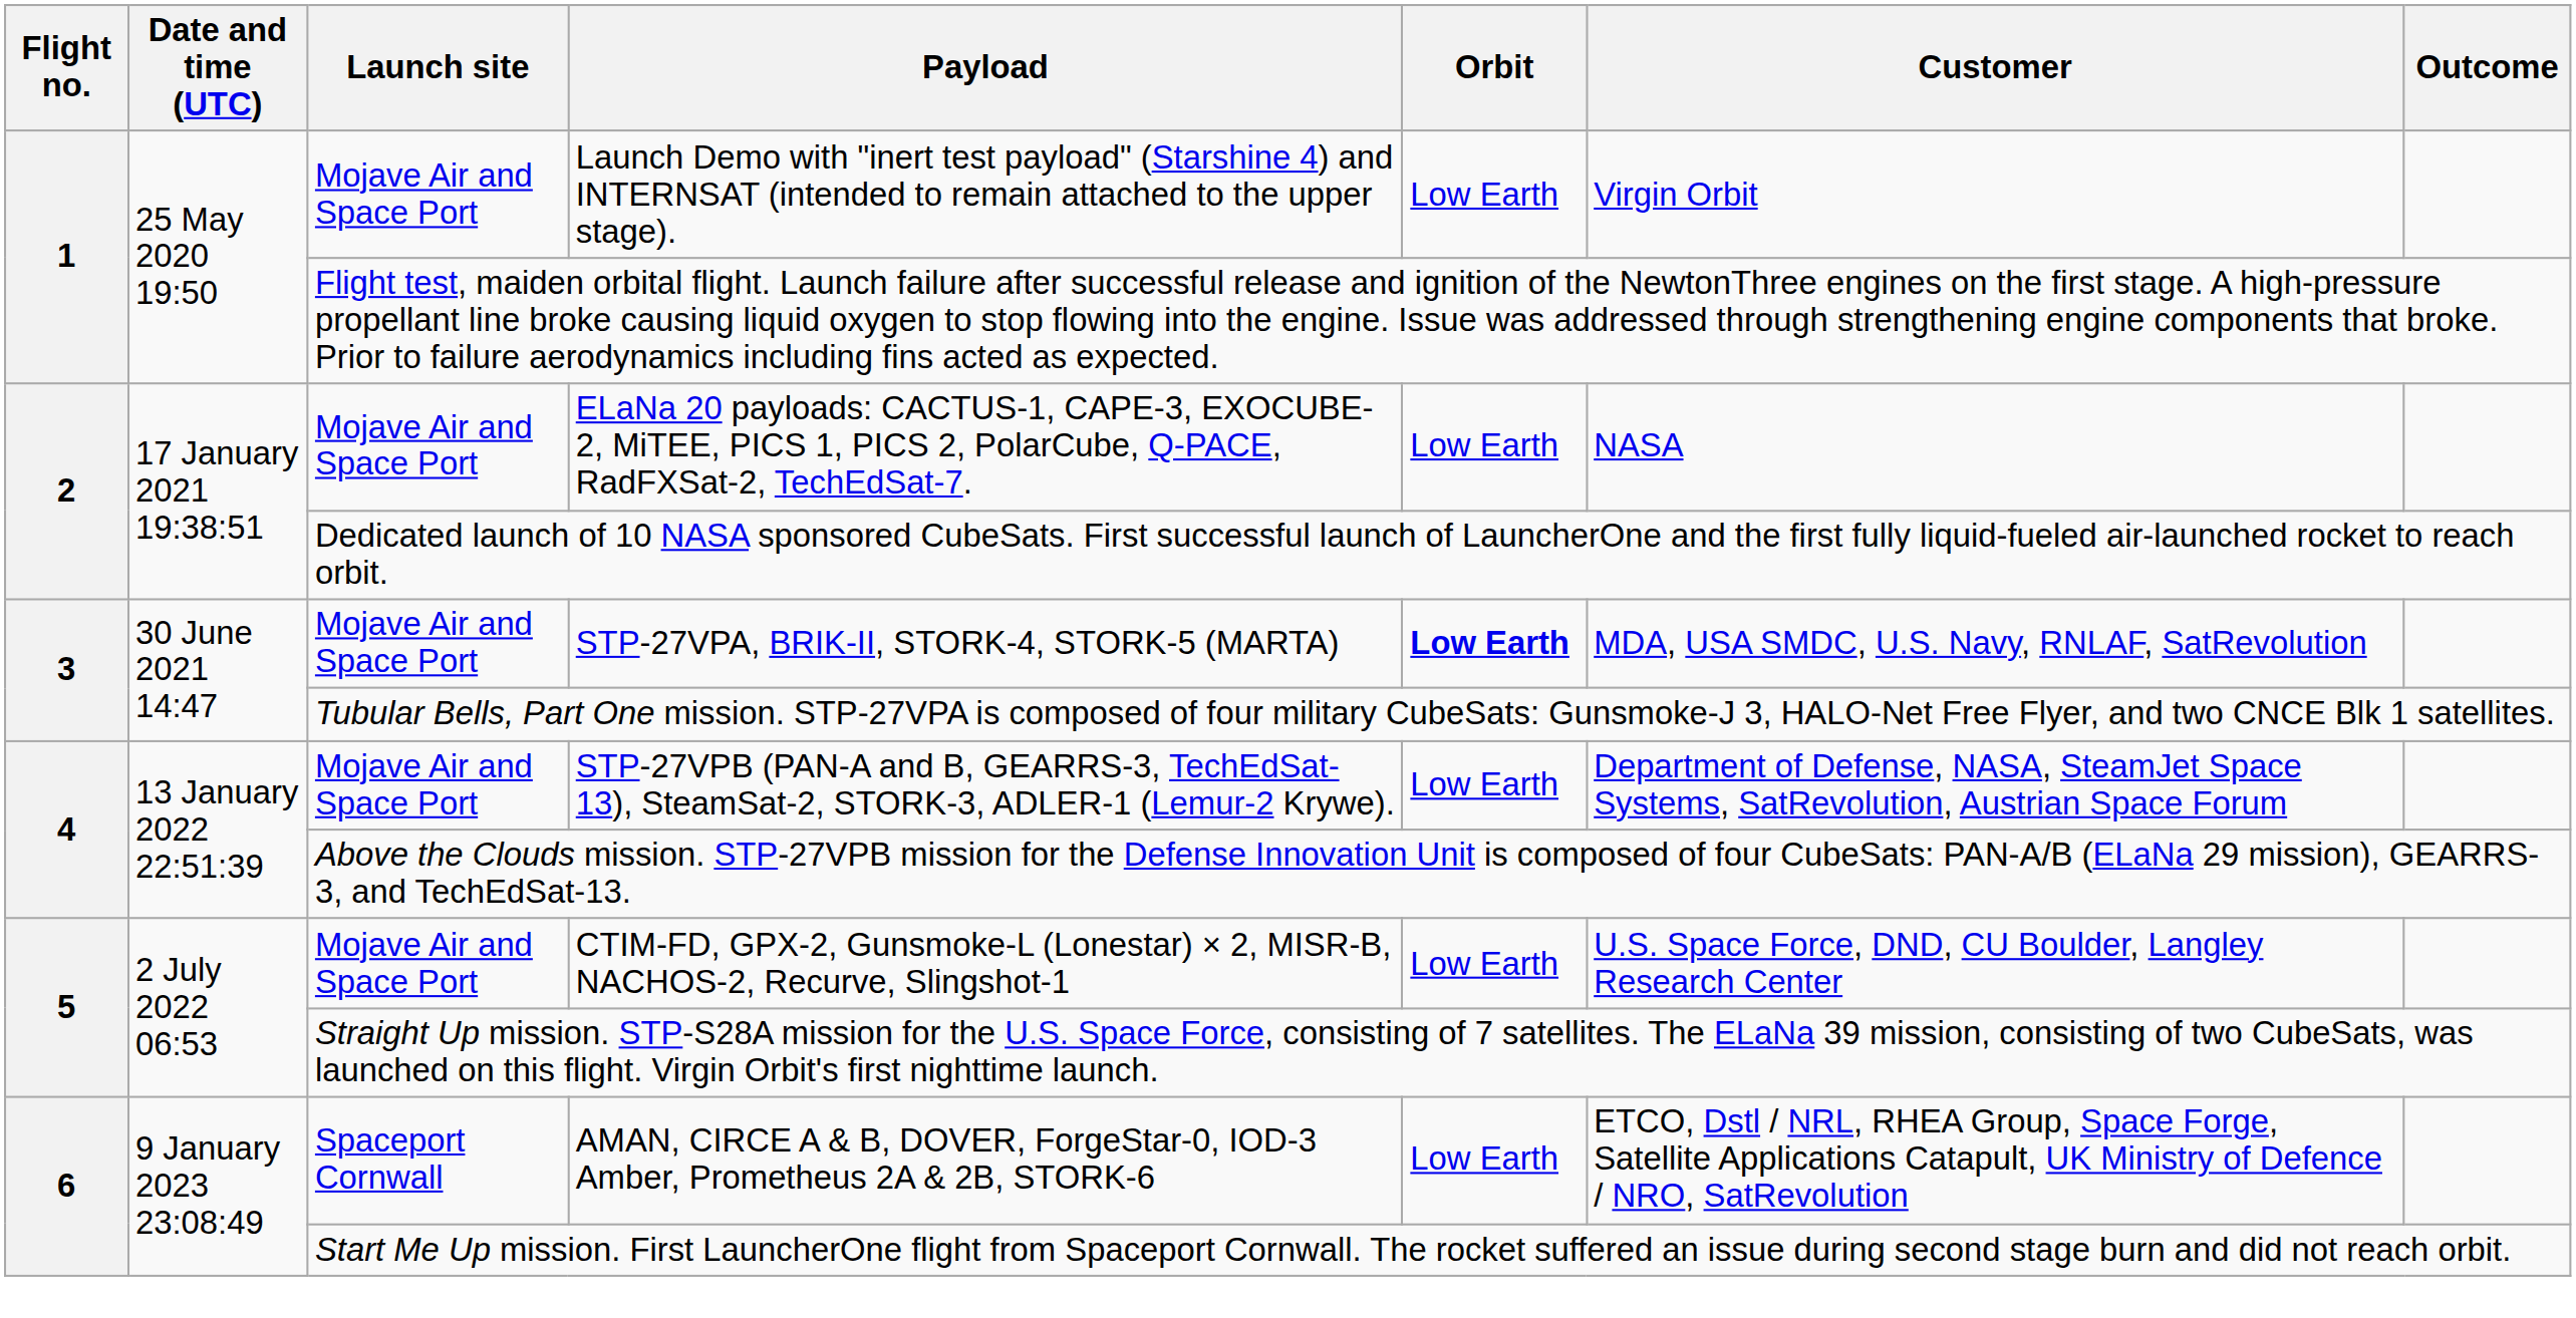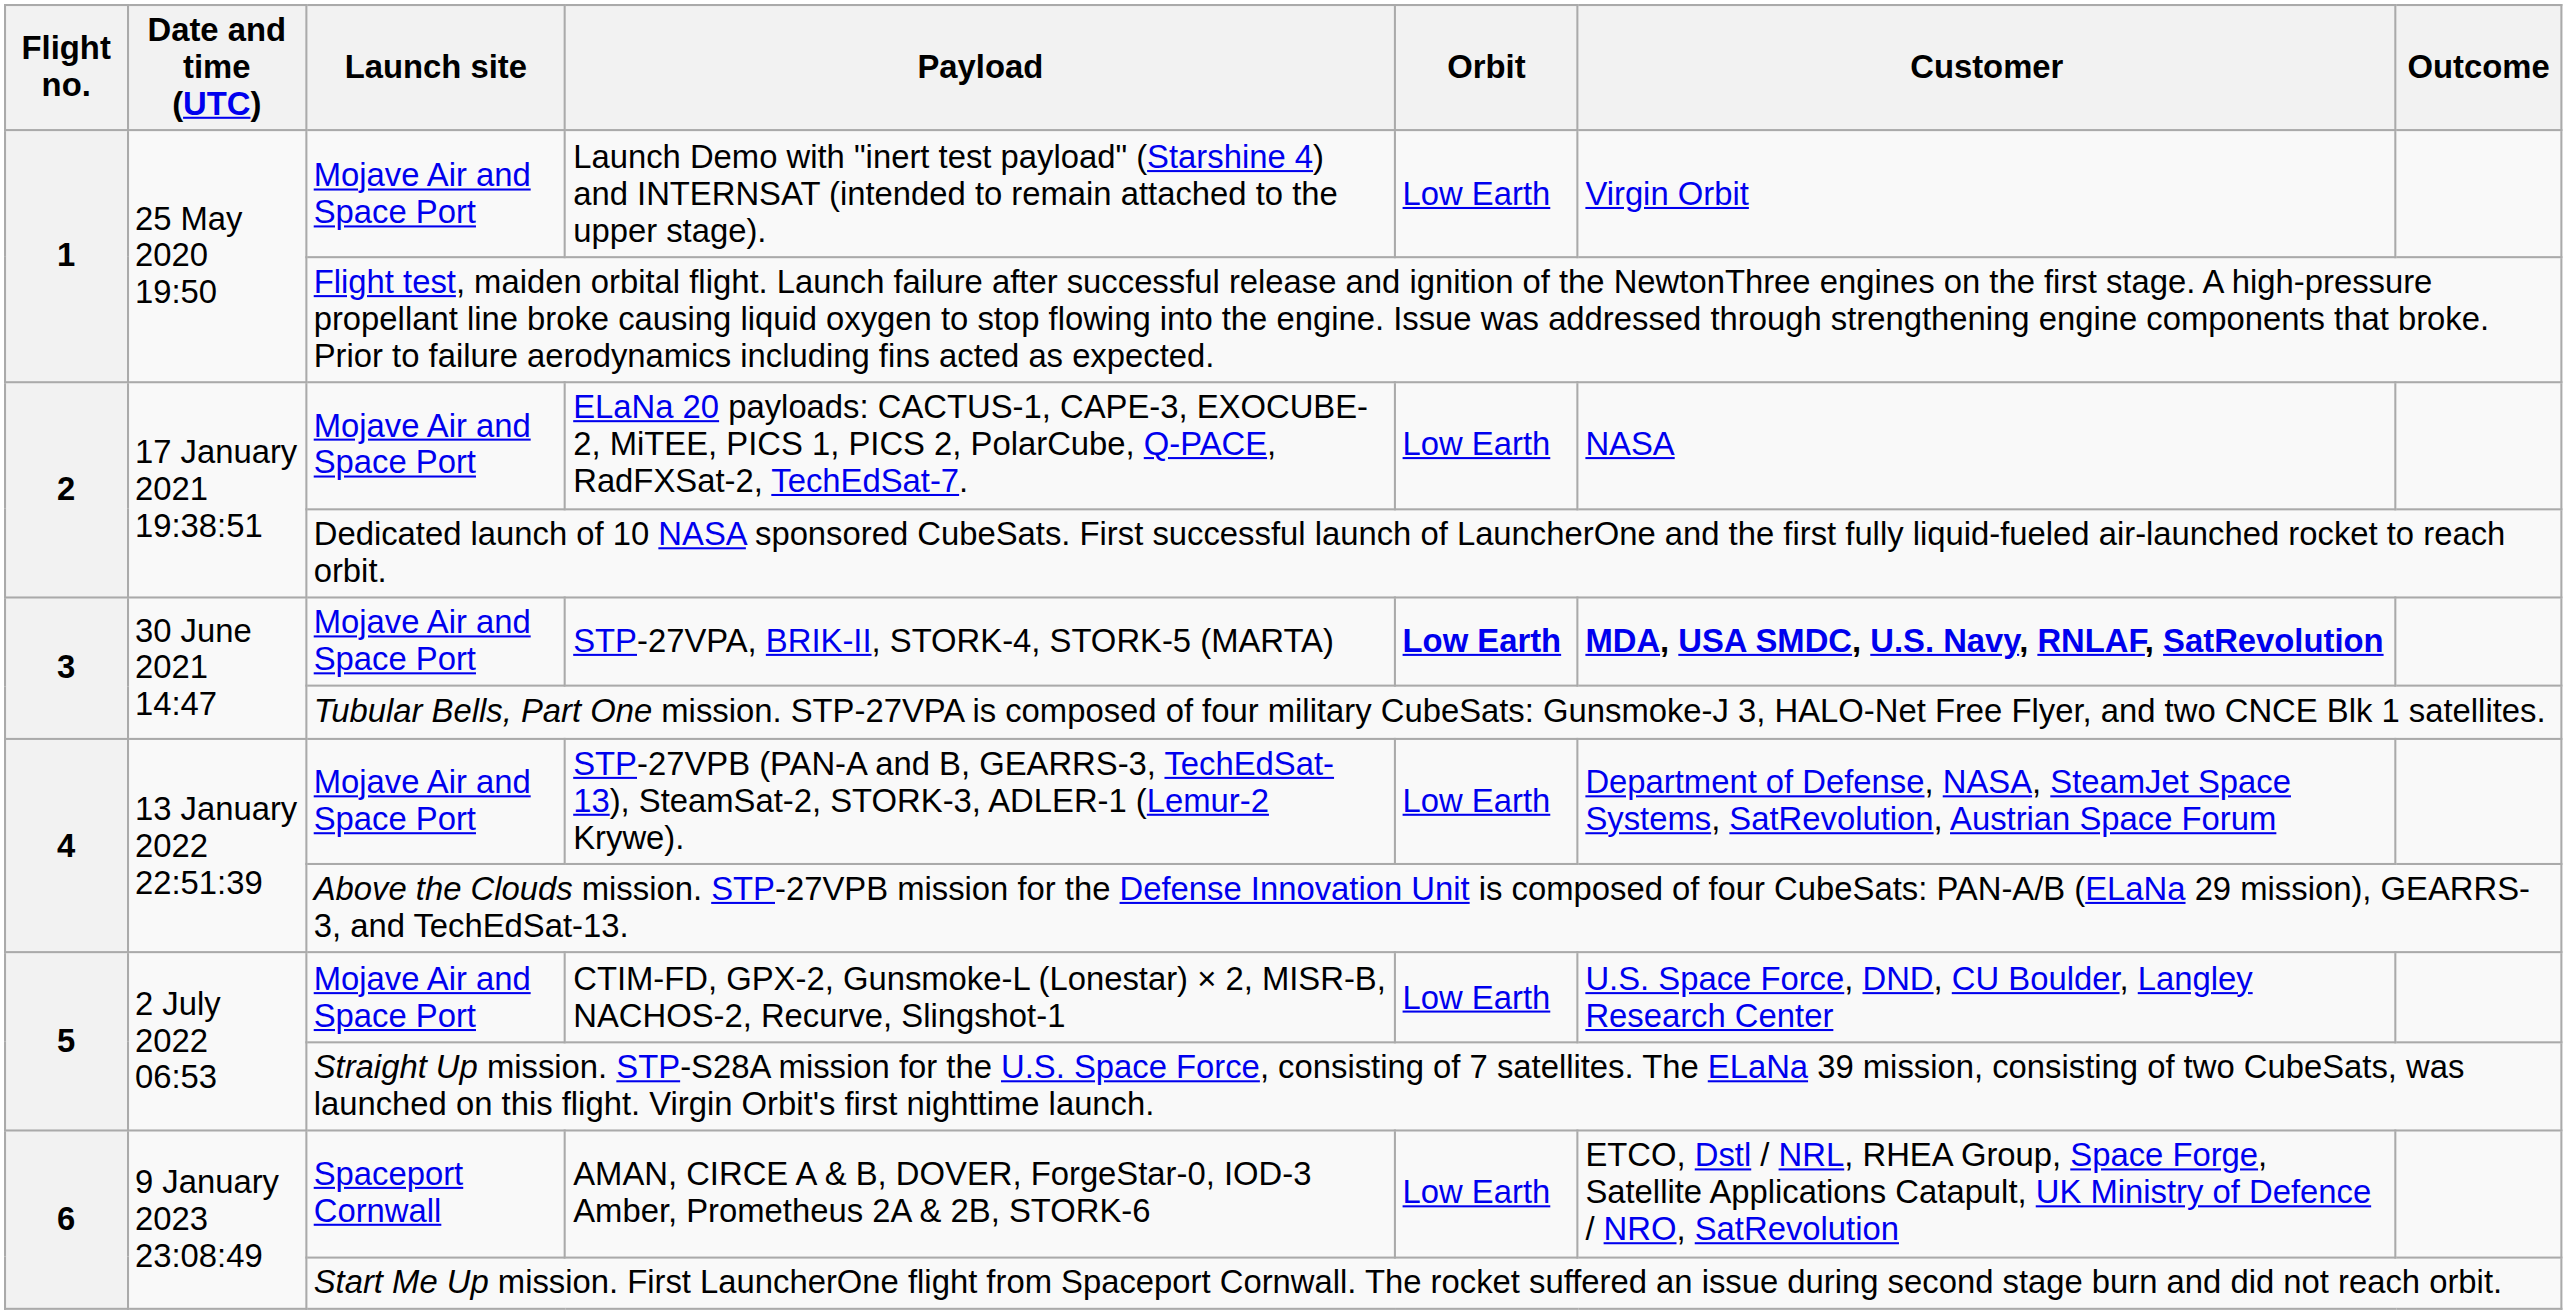 <table class="wikitable">
 <tr>
 <th>Flight no.</th>
 <th>Date and time<br>(<a href='#'>UTC</a>)</th>
 <th>Launch site</th>
 <th>Payload</th>
 <th>Orbit</th>
 <th>Customer</th>
 <th>Outcome</th>
 </tr>
 <tr>
 <th rowspan="2">1</th>
 <td rowspan="2">25 May 2020<br>19:50</td>
 <td><a href='#'>Mojave Air and Space Port</a></td>
 <td>Launch Demo with "inert test payload" (<a href='#'>Starshine 4</a>) and INTERNSAT (intended to remain attached to the upper stage).</td>
 <td><a href='#'>Low Earth</a></td>
 <td><a href='#'>Virgin Orbit</a></td>
 <td></td>
 </tr>
 <tr>
 <td colspan="5"><a href='#'>Flight test</a>, maiden orbital flight. Launch failure after successful release and ignition of the NewtonThree engines on the first stage. A high-pressure propellant line broke causing liquid oxygen to stop flowing into the engine. Issue was addressed through strengthening engine components that broke. Prior to failure aerodynamics including fins acted as expected.</td>
 </tr>
 <tr>
 <th rowspan=2>2</th>
 <td rowspan=2>17 January 2021<br>19:38:51</td>
 <td><a href='#'>Mojave Air and Space Port</a></td>
 <td><a href='#'>ELaNa 20</a> payloads: CACTUS-1, CAPE-3, EXOCUBE-2, MiTEE, PICS 1, PICS 2, PolarCube, <a href='#'>Q-PACE</a>, RadFXSat-2, <a href='#'>TechEdSat-7</a>.</td>
 <td nowrap><a href='#'>Low Earth</a></td>
 <td><a href='#'>NASA</a></td>
 <td></td>
 </tr>
 <tr>
 <td colspan=5>Dedicated launch of 10 <a href='#'>NASA</a> sponsored CubeSats. First successful launch of LauncherOne and the first fully liquid-fueled air-launched rocket to reach orbit.</td>
 </tr>
 <tr>
 <th rowspan=2>3</th>
 <td rowspan=2>30 June 2021<br>14:47</td>
 <td><a href='#'>Mojave Air and Space Port</a></td>
 <td><a href='#'>STP</a>-27VPA, <a href='#'>BRIK-II</a>, STORK-4, STORK-5 (MARTA)</td>
 <td nowrap><strong><a href='#'>Low Earth</a></strong></td>
-<td><a href='#'>MDA</a>, <a href='#'>USA SMDC</a>, <a href='#'>U.S. Navy</a>, <a href='#'>RNLAF</a>, <a href='#'>SatRevolution</a></td>
+<td><strong><a href='#'>MDA</a>, <a href='#'>USA SMDC</a>, <a href='#'>U.S. Navy</a>, <a href='#'>RNLAF</a>, <a href='#'>SatRevolution</a></strong></td>
 <td></td>
 </tr>
 <tr>
 <td colspan=5><em>Tubular Bells, Part One</em> mission. STP-27VPA is composed of four military CubeSats: Gunsmoke-J 3, HALO-Net Free Flyer, and two CNCE Blk 1 satellites.</td>
 </tr>
 <tr>
 <th rowspan=2>4</th>
 <td rowspan=2>13 January 2022<br>22:51:39</td>
 <td><a href='#'>Mojave Air and Space Port</a></td>
 <td><a href='#'>STP</a>-27VPB (PAN-A and B, GEARRS-3, <a href='#'>TechEdSat-13</a>), SteamSat-2, STORK-3, ADLER-1 (<a href='#'>Lemur-2</a> Krywe).</td>
 <td nowrap><a href='#'>Low Earth</a></td>
 <td><a href='#'>Department of Defense</a>, <a href='#'>NASA</a>, <a href='#'>SteamJet Space Systems</a>, <a href='#'>SatRevolution</a>, <a href='#'>Austrian Space Forum</a></td>
 <td></td>
 </tr>
 <tr>
 <td colspan=5><em>Above the Clouds</em> mission. <a href='#'>STP</a>-27VPB mission for the <a href='#'>Defense Innovation Unit</a> is composed of four CubeSats: PAN-A/B (<a href='#'>ELaNa</a> 29 mission), GEARRS-3, and TechEdSat-13.</td>
 </tr>
 <tr>
 <th rowspan=2>5</th>
 <td rowspan=2>2 July 2022<br>06:53</td>
 <td><a href='#'>Mojave Air and Space Port</a></td>
 <td>CTIM-FD, GPX-2, Gunsmoke-L (Lonestar) × 2, MISR-B, NACHOS-2, Recurve, Slingshot-1</td>
 <td><a href='#'>Low Earth</a></td>
 <td><a href='#'>U.S. Space Force</a>, <a href='#'>DND</a>, <a href='#'>CU Boulder</a>, <a href='#'>Langley Research Center</a></td>
 <td></td>
 </tr>
 <tr>
 <td colspan=5><em>Straight Up</em> mission. <a href='#'>STP</a>-S28A mission for the <a href='#'>U.S. Space Force</a>, consisting of 7 satellites. The <a href='#'>ELaNa</a> 39 mission, consisting of two CubeSats, was launched on this flight. Virgin Orbit's first nighttime launch.</td>
 </tr>
 <tr>
 <th rowspan="2">6</th>
 <td rowspan="2">9 January 2023<br>23:08:49</td>
 <td><a href='#'>Spaceport Cornwall</a></td>
 <td>AMAN, CIRCE A & B, DOVER, ForgeStar-0, IOD-3 Amber, Prometheus 2A & 2B, STORK-6</td>
 <td><a href='#'>Low Earth</a></td>
 <td>ETCO, <a href='#'>Dstl</a> / <a href='#'>NRL</a>, RHEA Group, <a href='#'>Space Forge</a>, Satellite Applications Catapult, <a href='#'>UK Ministry of Defence</a> / <a href='#'>NRO</a>, <a href='#'>SatRevolution</a></td>
 <td></td>
 </tr>
 <tr>
 <td colspan="5"><em>Start Me Up</em> mission. First LauncherOne flight from Spaceport Cornwall. The rocket suffered an issue during second stage burn and did not reach orbit.</td>
 </tr>
 </table>
